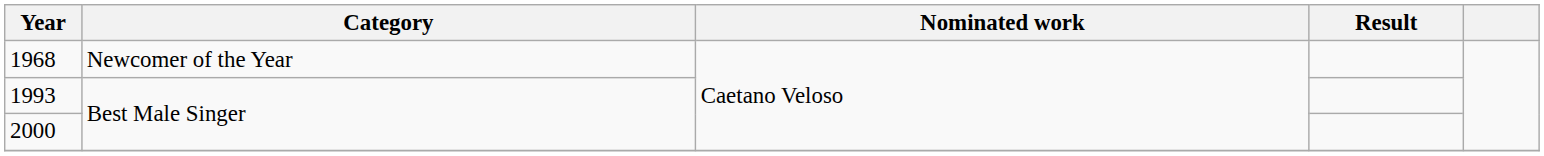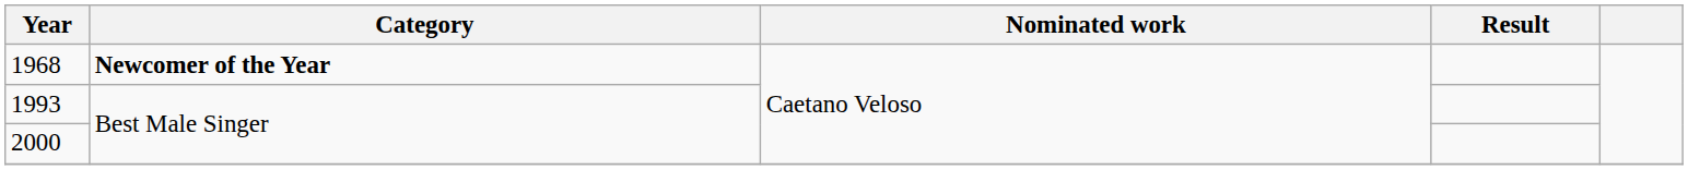 <table class="wikitable" style="width:85%;">
 <tr>
 <th width=5%>Year</th>
 <th style="width:40%;">Category</th>
 <th style="width:40%;">Nominated work</th>
 <th style="width:10%;">Result</th>
 <th width=5%></th>
 </tr>
 <tr>
 <td>1968</td>
-<td>Newcomer of the Year</td>
+<td><strong>Newcomer of the Year</strong></td>
 <td rowspan="3">Caetano Veloso</td>
 <td></td>
 <td rowspan="3"></td>
 </tr>
 <tr>
 <td>1993</td>
 <td rowspan="2">Best Male Singer</td>
 <td></td>
 </tr>
 <tr>
 <td>2000</td>
 <td></td>
 </tr>
 <tr>
 </tr>
 </table>
